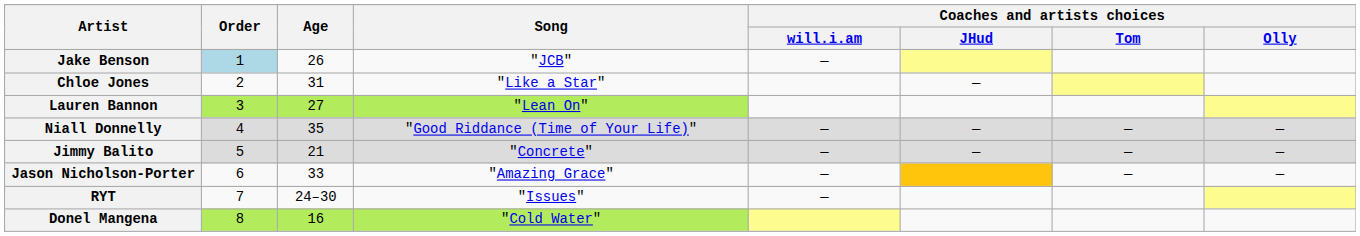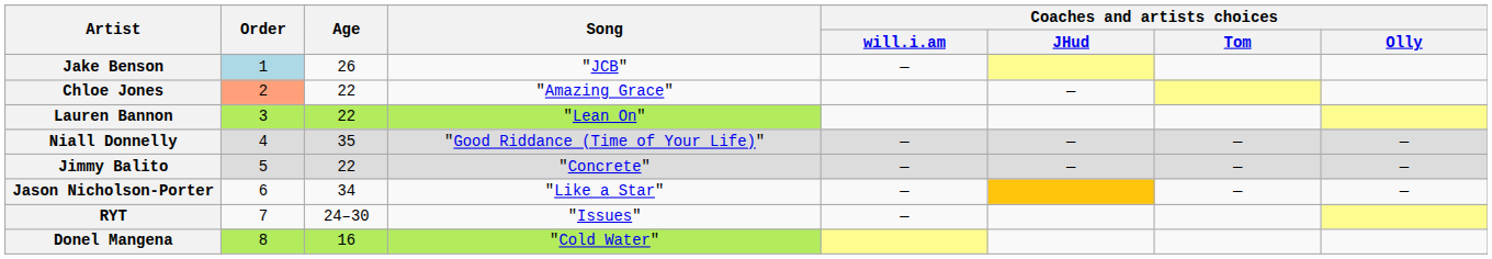 <table class="wikitable" style="text-align:center; width:100%;">
 <tr>
 </tr>
 <tr>
 <th scope="col" rowspan="2" style="width:13%;">Artist</th>
 <th scope="col" rowspan="2" style="width:05%;">Order</th>
 <th scope="col" rowspan="2" style="width:05%;">Age</th>
 <th scope="col" rowspan="2" style="width:26%;">Song</th>
 <th colspan="4" style="width:40%;">Coaches and artists choices</th>
 </tr>
 <tr>
 <th style="width:10%;"><a href='#'>will.i.am</a></th>
 <th style="width:10%;"><a href='#'>JHud</a></th>
 <th style="width:10%;"><a href='#'>Tom</a></th>
 <th style="width:10%;"><a href='#'>Olly</a></th>
 </tr>
 <tr>
 <th scope="row"><div> Jake Benson </div></th>
 <td style="background: lightblue;">1</td>
 <td>26</td>
 <td>"<a href='#'>JCB</a>"</td>
 <td>—</td>
 <td style="background:#fdfc8f;"><strong></strong></td>
 <td><strong></strong></td>
 <td><strong></strong></td>
 </tr>
 <tr>
 <th scope="row"><div> Chloe Jones </div></th>
-<td>2</td>
-<td>31</td>
-<td>"<a href='#'>Like a Star</a>"</td>
+<td style="background: lightsalmon;">2</td>
+<td>22</td>
+<td>"<a href='#'>Amazing Grace</a>"</td>
 <td><strong></strong></td>
 <td>—</td>
 <td style="background:#fdfc8f;"><strong></strong></td>
 <td><strong></strong></td>
 </tr>
 <tr>
 <th scope="row"><div> Lauren Bannon </div></th>
 <td style="background-color:#B2EC5D;">3</td>
-<td style="background-color:#B2EC5D;">27</td>
+<td style="background-color:#B2EC5D;">22</td>
 <td style="background-color:#B2EC5D;">"<a href='#'>Lean On</a>"</td>
 <td><strong></strong></td>
 <td><strong></strong></td>
 <td><strong></strong></td>
 <td style="background:#fdfc8f;"><strong></strong></td>
 </tr>
 <tr style="background:#DCDCDC;">
 <th scope="row"><div> Niall Donnelly </div></th>
 <td style="background:#DCDCDC; text-align:center;">4</td>
 <td style="background:#DCDCDC; text-align:center;">35</td>
 <td style="background:#DCDCDC; text-align:center;">"<a href='#'>Good Riddance (Time of Your Life)</a>"</td>
 <td>—</td>
 <td>—</td>
 <td>—</td>
 <td>—</td>
 </tr>
 <tr style="background:#DCDCDC;">
 <th scope="row"><div> Jimmy Balito </div></th>
 <td style="background:#DCDCDC; text-align:center;">5</td>
-<td style="background:#DCDCDC; text-align:center;">21</td>
+<td style="background:#DCDCDC; text-align:center;">22</td>
 <td style="background:#DCDCDC; text-align:center;">"<a href='#'>Concrete</a>"</td>
 <td>—</td>
 <td>—</td>
 <td>—</td>
 <td>—</td>
 </tr>
 <tr>
 <th scope="row"><div> Jason Nicholson-Porter </div></th>
 <td>6</td>
-<td>33</td>
-<td>"<a href='#'>Amazing Grace</a>"</td>
+<td>34</td>
+<td>"<a href='#'>Like a Star</a>"</td>
 <td>—</td>
 <td style="background:#FFC40C;text-align:center;"><strong></strong></td>
 <td>—</td>
 <td>—</td>
 </tr>
 <tr>
 <th scope="row"><div> RYT </div></th>
 <td>7</td>
 <td>24–30</td>
 <td>"<a href='#'>Issues</a>"</td>
 <td>—</td>
 <td><strong></strong></td>
 <td><strong></strong></td>
 <td style="background:#fdfc8f;"><strong></strong></td>
 </tr>
 <tr>
 <th scope="row"><div> Donel Mangena </div></th>
 <td style="background-color:#B2EC5D;">8</td>
 <td style="background-color:#B2EC5D;">16</td>
 <td style="background-color:#B2EC5D;">"<a href='#'>Cold Water</a>"</td>
 <td style="background:#fdfc8f;"><strong></strong></td>
 <td><strong></strong></td>
 <td><strong></strong></td>
 <td><strong></strong></td>
 </tr>
 </table>
